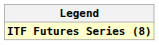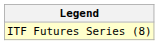 <table class="wikitable">
 <tr>
 <th>Legend</th>
 </tr>
 <tr bgcolor="#ffffcc">
-<td><strong>ITF Futures Series (8)</strong></td>
+<td>ITF Futures Series (8)</td>
 </tr>
 </table>
